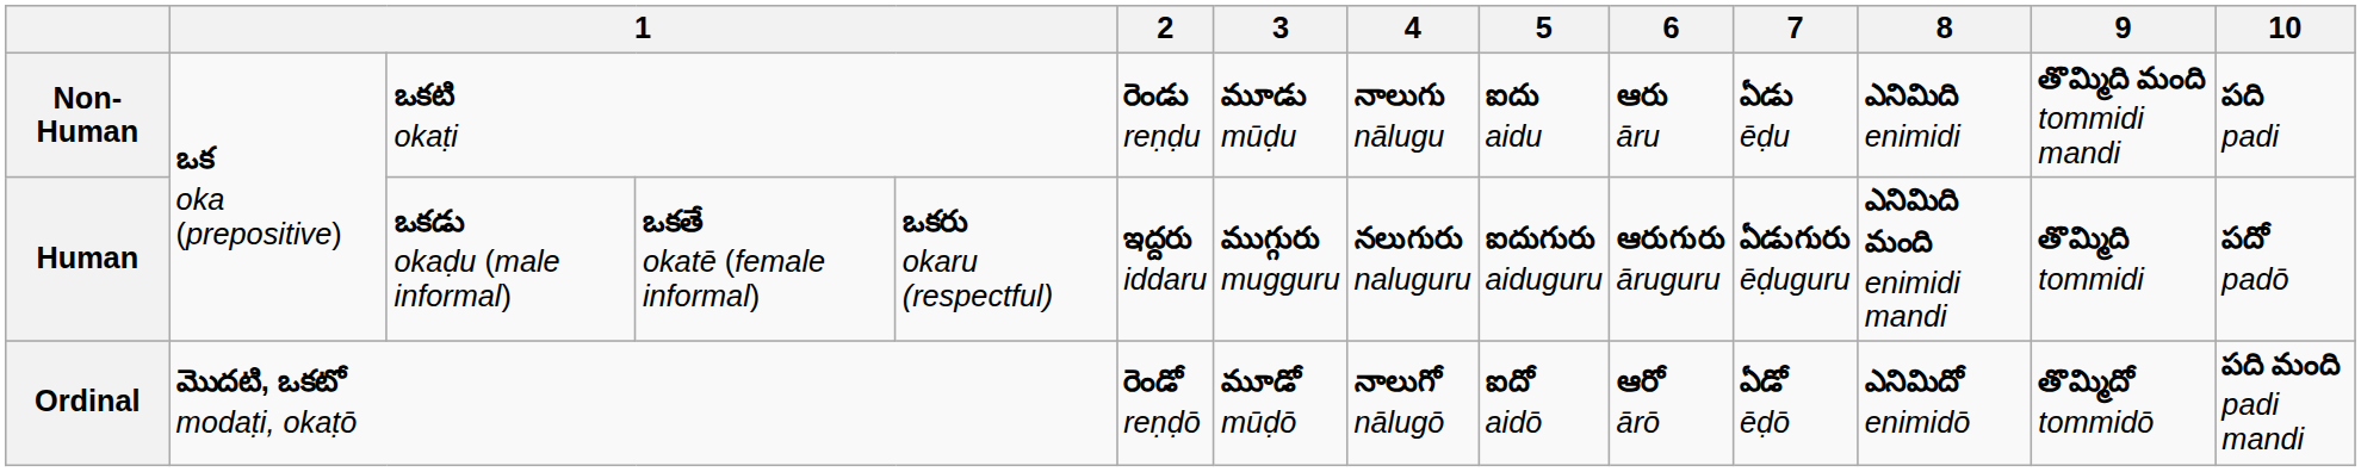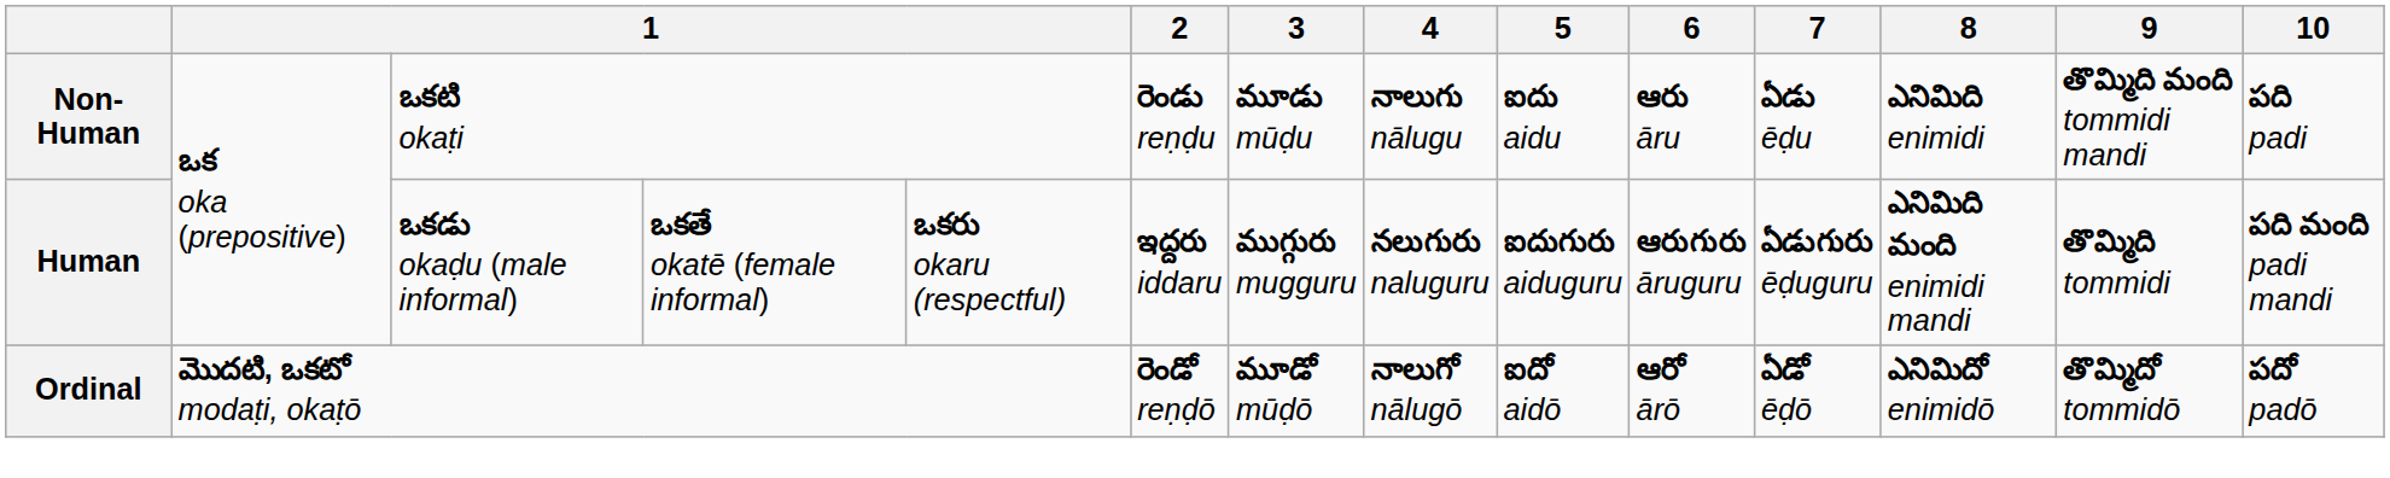 <table class="wikitable">
 <tr>
 <th></th>
 <th colspan="4">1</th>
 <th>2</th>
 <th>3</th>
 <th>4</th>
 <th>5</th>
 <th>6</th>
 <th>7</th>
 <th>8</th>
 <th>9</th>
 <th>10</th>
 </tr>
 <tr>
 <th>Non-Human</th>
 <td rowspan="2"><strong>ఒక</strong><br><em>oka</em> (<em>prepositive</em>)</td>
 <td colspan="3"><strong>ఒకటి</strong><br><em>okaṭi</em></td>
 <td><strong>రెండు</strong><br><em>reṇḍu</em></td>
 <td><strong>మూడు</strong><br><em>mūḍu</em></td>
 <td><strong>నాలుగు</strong><br><em>nālugu</em></td>
 <td><strong>ఐదు</strong><br><em>aidu</em></td>
 <td><strong>ఆరు</strong><br><em>āru</em></td>
 <td><strong>ఏడు</strong><br><em>ēḍu</em></td>
 <td><strong>ఎనిమిది</strong><br><em>enimidi</em></td>
 <td><strong>తొమ్మిది మంది</strong><br><em>tommidi mandi</em></td>
 <td><strong>పది</strong><br><em>padi</em></td>
 </tr>
 <tr>
 <th>Human</th>
 <td><strong>ఒకడు</strong><br><em>okaḍu</em> (<em>male informal</em>)</td>
 <td><strong>ఒకతే</strong><br><em>okatē</em> (<em>female informal</em>)</td>
 <td><strong>ఒకరు</strong><br><em>okaru</em> <em>(respectful)</em></td>
 <td><strong>ఇద్దరు</strong><br><em>iddaru</em></td>
 <td><strong>ముగ్గురు</strong><br><em>mugguru</em></td>
 <td><strong>నలుగురు</strong><br><em>naluguru</em></td>
 <td><strong>ఐదుగురు</strong><br><em>aiduguru</em></td>
 <td><strong>ఆరుగురు</strong><br><em>āruguru</em></td>
 <td><strong>ఏడుగురు</strong><br><em>ēḍuguru</em></td>
 <td><strong>ఎనిమిది మంది</strong><br><em>enimidi mandi</em></td>
 <td><strong>తొమ్మిది</strong><br><em>tommidi</em></td>
-<td><strong>పదో</strong><br><em>padō</em></td>
+<td><strong>పది మంది</strong><br><em>padi mandi</em></td>
 </tr>
 <tr>
 <th>Ordinal</th>
 <td colspan="4"><strong>మొదటి, ఒకటో</strong><br><em>modaṭi, okaṭō</em></td>
 <td><strong>రెండో</strong><br><em>reṇḍō</em></td>
 <td><strong>మూడో</strong><br><em>mūḍō</em></td>
 <td><strong>నాలుగో</strong><br><em>nālugō</em></td>
 <td><strong>ఐదో</strong><br><em>aidō</em></td>
 <td><strong>ఆరో</strong><br><em>ārō</em></td>
 <td><strong>ఏడో</strong><br><em>ēḍō</em></td>
 <td><strong>ఎనిమిదో</strong><br><em>enimidō</em></td>
 <td><strong>తొమ్మిదో</strong><br><em>tommidō</em></td>
-<td><strong>పది మంది</strong><br><em>padi mandi</em></td>
+<td><strong>పదో</strong><br><em>padō</em></td>
 </tr>
 </table>
